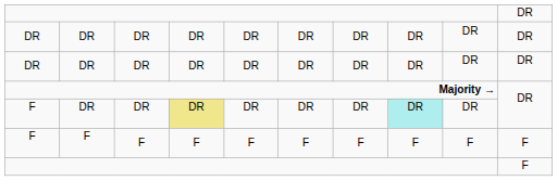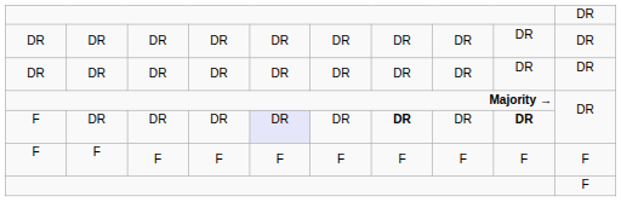 <table class="wikitable" style="text-align:center" width=800px>
 <tr>
 <td colspan=9> </td>
 <td>DR</td>
 </tr>
 <tr>
 <td width=50px >DR</td>
 <td width=50px >DR</td>
 <td width=50px >DR</td>
 <td width=50px >DR</td>
 <td width=50px >DR</td>
 <td width=50px >DR</td>
 <td width=50px >DR</td>
 <td width=50px >DR</td>
 <td width=50px >DR<br><br></td>
 <td width=50px >DR</td>
 </tr>
 <tr>
 <td>DR</td>
 <td>DR</td>
 <td>DR</td>
 <td>DR</td>
 <td>DR</td>
 <td>DR</td>
 <td>DR</td>
 <td>DR</td>
 <td>DR<br><br></td>
 <td>DR<br><br></td>
 </tr>
 <tr>
 <td colspan=9 style="text-align:right"><strong>Majority →</strong></td>
 <td rowspan=2 >DR<br><br></td>
 </tr>
 <tr>
 <td>F<br><br></td>
 <td>DR<br><br></td>
 <td>DR<br><br></td>
-<td style="background: khaki;">DR<br><br></td>
 <td>DR<br><br></td>
+<td style="background: lavender;">DR<br><br></td>
 <td>DR<br><br></td>
+<td><strong>DR<br><br></strong></td>
 <td>DR<br><br></td>
-<td style="background: paleturquoise;">DR<br><br></td>
-<td>DR<br><br></td>
+<td><strong>DR<br><br></strong></td>
 </tr>
 <tr>
 <td>F<br><br></td>
 <td>F<br><br></td>
 <td>F</td>
 <td>F</td>
 <td>F</td>
 <td>F</td>
 <td>F</td>
 <td>F</td>
 <td>F</td>
 <td>F</td>
 </tr>
 <tr>
 <td colspan=9> </td>
 <td>F</td>
 </tr>
 </table>
